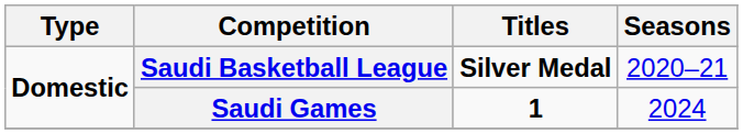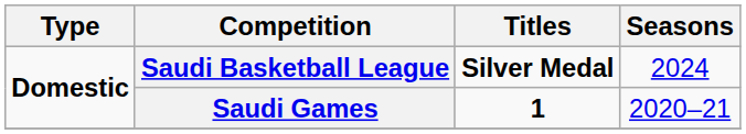 <table class="wikitable plainrowheaders" style="font-size:95%; text-align:center;">
 <tr>
 <th>Type</th>
 <th>Competition</th>
 <th>Titles</th>
 <th>Seasons</th>
 </tr>
 <tr>
 <td rowspan="2"><strong>Domestic</strong></td>
 <th scope=col><a href='#'>Saudi Basketball League</a></th>
 <td style="background-color:"><strong>Silver Medal</strong></td>
-<td><a href='#'>2020–21</a></td>
+<td><a href='#'>2024</a></td>
 </tr>
 <tr>
 <th scope=col><a href='#'>Saudi Games</a></th>
 <td style="background-color:"><strong>1</strong></td>
-<td><a href='#'>2024</a></td>
+<td><a href='#'>2020–21</a></td>
 </tr>
 <tr>
 </tr>
 </table>
